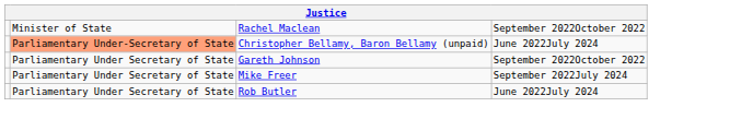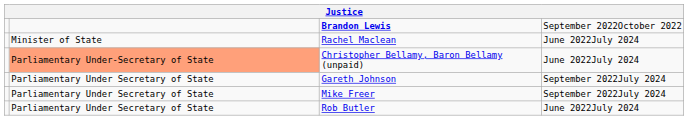 <table class="wikitable">
 <tr>
 <th colspan="4"><a href='#'>Justice</a></th>
 </tr>
 <tr>
+<td rowspan=1 style="width: 1px; background: "></td>
+<td rowspan=1 style="width: 450px;"></td>
+<td style="width: 320px;"><strong><a href='#'>Brandon Lewis</a></strong></td>
+<td>September 2022October 2022</td>
+</tr>
+<tr>
 <td rowspan="1" style="width: 1px; background: "></td>
 <td rowspan="1">Minister of State</td>
 <td><a href='#'>Rachel Maclean</a></td>
-<td>September 2022October 2022</td>
+<td>June 2022July 2024</td>
 </tr>
 <tr>
 <td rowspan=1 style="width: 1px; background: "></td>
 <td rowspan=1 style="background: lightsalmon;">Parliamentary Under-Secretary of State</td>
 <td><a href='#'>Christopher Bellamy, Baron Bellamy</a> (unpaid)</td>
 <td>June 2022July 2024</td>
 </tr>
 <tr>
 <td rowspan="1" style="width: 1px; background: "></td>
 <td>Parliamentary Under Secretary of State</td>
 <td><a href='#'>Gareth Johnson</a></td>
-<td>September 2022October 2022</td>
+<td>September 2022July 2024</td>
 </tr>
 <tr>
 <td rowspan="1" style="width: 1px; background: "></td>
 <td>Parliamentary Under Secretary of State</td>
 <td><a href='#'>Mike Freer</a></td>
 <td>September 2022July 2024</td>
 </tr>
 <tr>
 <td rowspan="1" style="width: 1px; background: "></td>
 <td>Parliamentary Under Secretary of State</td>
 <td><a href='#'>Rob Butler</a></td>
 <td>June 2022July 2024</td>
 </tr>
 </table>
